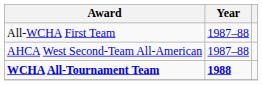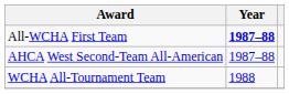 <table class="wikitable">
 <tr>
 <th>Award</th>
 <th>Year</th>
 <th></th>
 </tr>
 <tr>
 <td>All-<a href='#'>WCHA</a> <a href='#'>First Team</a></td>
-<td><a href='#'>1987–88</a></td>
+<td><strong><a href='#'>1987–88</a></strong></td>
 <td></td>
 </tr>
 <tr>
 <td><a href='#'>AHCA</a> <a href='#'>West Second-Team All-American</a></td>
 <td><a href='#'>1987–88</a></td>
 <td></td>
 </tr>
 <tr>
-<td><strong><a href='#'>WCHA</a> <a href='#'>All-Tournament Team</a></strong></td>
-<td><strong><a href='#'>1988</a></strong></td>
+<td><a href='#'>WCHA</a> <a href='#'>All-Tournament Team</a></td>
+<td><a href='#'>1988</a></td>
 <td></td>
 </tr>
 <tr>
 </tr>
 </table>
